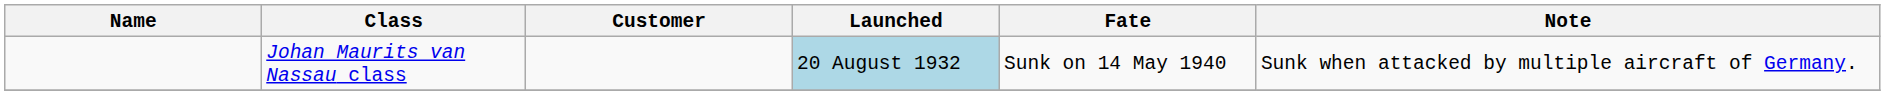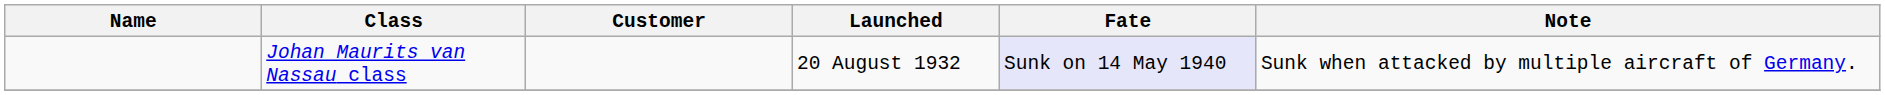 <table class="wikitable mw-collapsible mw-collapsed">
 <tr>
 <th width="200">Name</th>
 <th width="200">Class</th>
 <th width="200">Customer</th>
 <th width="150">Launched</th>
 <th width="200">Fate</th>
 <th width="500">Note</th>
 </tr>
 <tr>
 <td></td>
 <td><a href='#'><em>Johan Maurits van Nassau</em> class</a></td>
 <td></td>
-<td style="background: lightblue;">20 August 1932</td>
-<td>Sunk on 14 May 1940</td>
+<td>20 August 1932</td>
+<td style="background: lavender;">Sunk on 14 May 1940</td>
 <td>Sunk when attacked by multiple aircraft of <a href='#'>Germany</a>.</td>
 </tr>
 <tr>
 </tr>
 </table>
